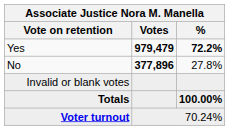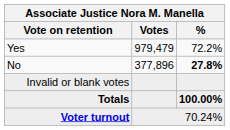 <table class="wikitable" style="font-size: 95%;">
 <tr style="background-color:#E9E9E9">
 <th colspan=7>Associate Justice Nora M. Manella</th>
 </tr>
 <tr style="background-color:#E9E9E9">
 <th style="width: 170px">Vote on retention</th>
 <th style="width: 50px">Votes</th>
 <th style="width: 40px">%</th>
 </tr>
 <tr>
 <td>Yes</td>
-<td align="right"><strong>979,479</strong></td>
-<td align="right"><strong>72.2%</strong></td>
+<td align="right">979,479</td>
+<td align="right">72.2%</td>
 </tr>
 <tr>
 <td>No</td>
-<td align="right"><strong>377,896</strong></td>
-<td align="right">27.8%</td>
+<td align="right">377,896</td>
+<td align="right"><strong>27.8%</strong></td>
 </tr>
 <tr bgcolor="#EEEEEE">
 <td align="right">Invalid or blank votes</td>
 <td align="right"></td>
 <td align="right"></td>
 </tr>
 <tr bgcolor="#EEEEEE">
 <td align="right"><strong>Totals</strong></td>
 <td align="right"><strong></strong></td>
 <td align="right"><strong>100.00%</strong></td>
 </tr>
 <tr bgcolor="#EEEEEE">
 <td align="right"><strong><a href='#'>Voter turnout</a></strong></td>
 <td colspan="2" align="right">70.24%</td>
 </tr>
 </table>
